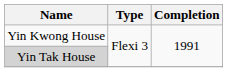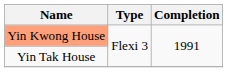 <table class="wikitable" style="text-align: center">
 <tr>
 <th>Name</th>
 <th>Type</th>
 <th>Completion</th>
 </tr>
 <tr>
-<td>Yin Kwong House</td>
+<td style="background: lightsalmon;">Yin Kwong House</td>
 <td rowspan="2">Flexi 3</td>
 <td rowspan="2">1991</td>
 </tr>
 <tr>
-<td style="background: lightgrey;">Yin Tak House</td>
+<td>Yin Tak House</td>
 </tr>
 <tr>
 </tr>
 </table>
